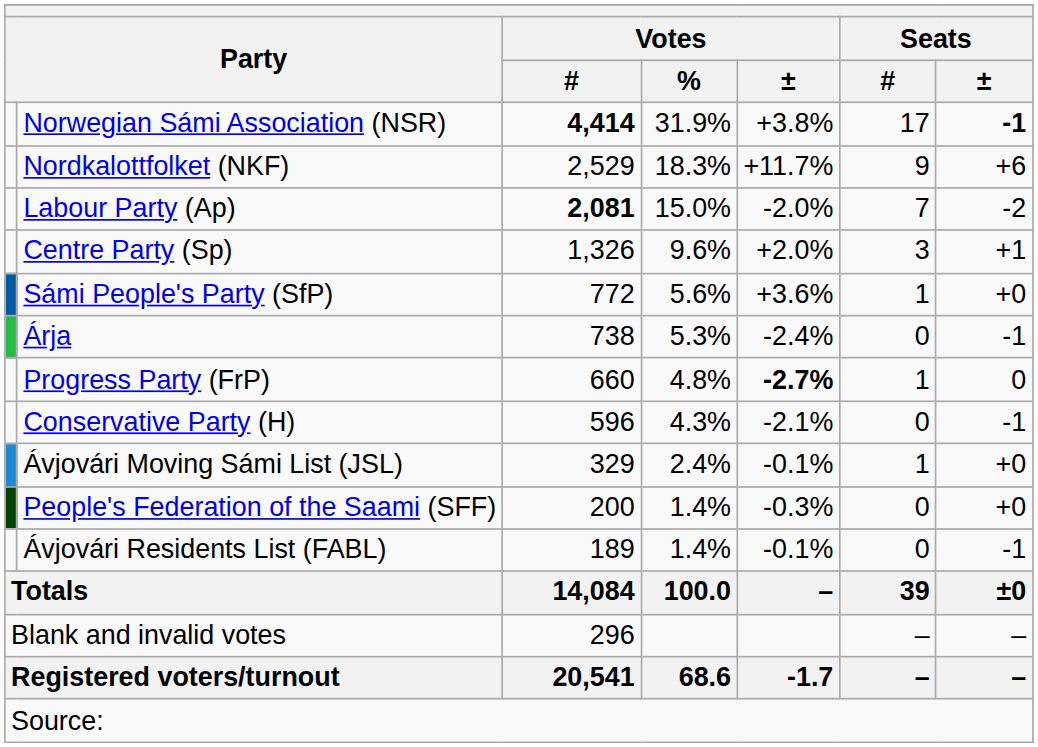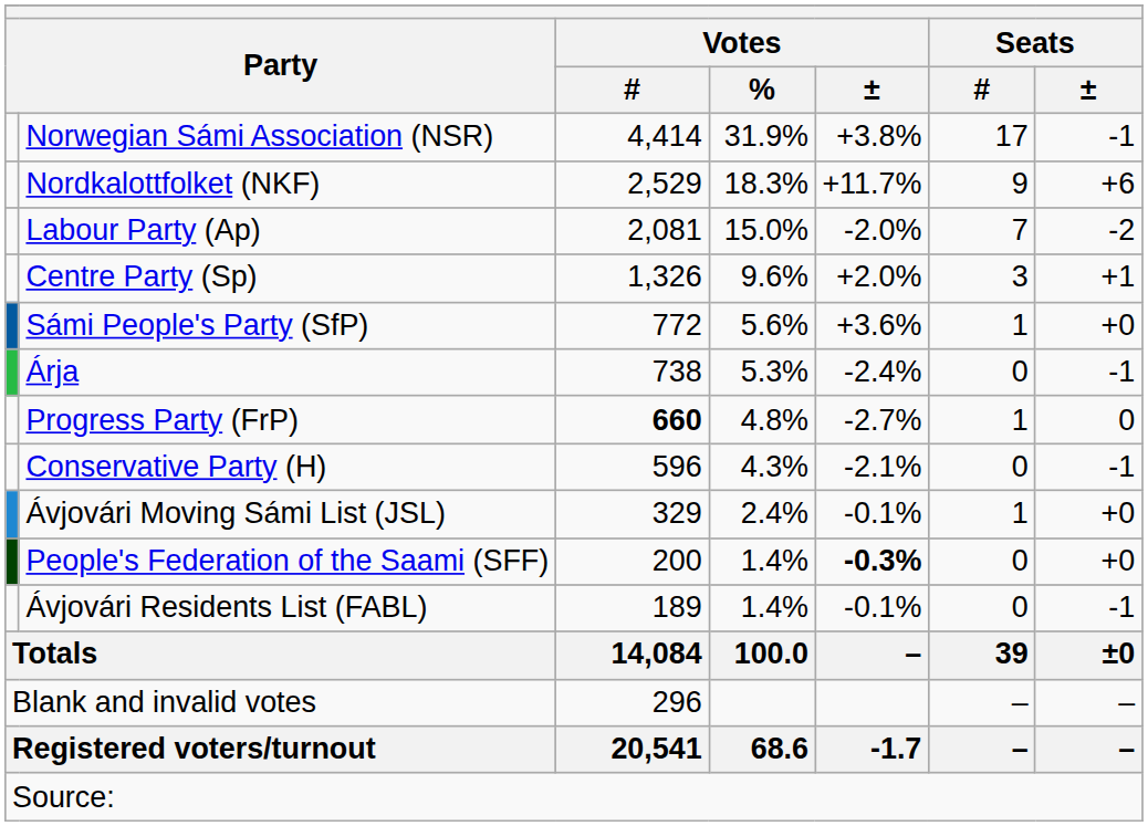 <table class=wikitable style=text-align:right>
 <tr>
 </tr>
 <tr>
 <th colspan="7"></th>
 </tr>
 <tr>
 <th colspan=2 rowspan=2 style="width:230px">Party</th>
 <th colspan=3>Votes</th>
 <th colspan=2>Seats</th>
 </tr>
 <tr>
 <th style="width:75px">#</th>
 <th style="width:50px">%</th>
 <th style="width:50px">±</th>
 <th style="width:50px">#</th>
 <th style="width:50px">±</th>
 </tr>
 <tr>
 <td style="background-color:"></td>
 <td style="text-align:left;"><a href='#'>Norwegian Sámi Association</a> (NSR)</td>
-<td><strong>4,414</strong></td>
+<td>4,414</td>
 <td>31.9%</td>
 <td>+3.8%</td>
 <td>17</td>
-<td><strong>-1</strong></td>
+<td>-1</td>
 </tr>
 <tr>
 <td style="background-color:"></td>
 <td style="text-align:left;"><a href='#'>Nordkalottfolket</a> (NKF)</td>
 <td>2,529</td>
 <td>18.3%</td>
 <td>+11.7%</td>
 <td>9</td>
 <td>+6</td>
 </tr>
 <tr>
 <td style="background-color:"></td>
 <td style="text-align:left;"><a href='#'>Labour Party</a> (Ap)</td>
-<td><strong>2,081</strong></td>
+<td>2,081</td>
 <td>15.0%</td>
 <td>-2.0%</td>
 <td>7</td>
 <td>-2</td>
 </tr>
 <tr>
 <td style="background-color:"></td>
 <td style="text-align:left;"><a href='#'>Centre Party</a> (Sp)</td>
 <td>1,326</td>
 <td>9.6%</td>
 <td>+2.0%</td>
 <td>3</td>
 <td>+1</td>
 </tr>
 <tr>
 <td style="background-color:#025aa0"></td>
 <td style="text-align:left;"><a href='#'>Sámi People's Party</a> (SfP)</td>
 <td>772</td>
 <td>5.6%</td>
 <td>+3.6%</td>
 <td>1</td>
 <td>+0</td>
 </tr>
 <tr>
 <td style="background-color:#26BB45"></td>
 <td style="text-align:left;"><a href='#'>Árja</a></td>
 <td>738</td>
 <td>5.3%</td>
 <td>-2.4%</td>
 <td>0</td>
 <td>-1</td>
 </tr>
 <tr>
 <td style="background-color:"></td>
 <td style="text-align:left;"><a href='#'>Progress Party</a> (FrP)</td>
-<td>660</td>
+<td><strong>660</strong></td>
 <td>4.8%</td>
-<td><strong>-2.7%</strong></td>
+<td>-2.7%</td>
 <td>1</td>
 <td>0</td>
 </tr>
 <tr>
 <td style="background-color:"></td>
 <td style="text-align:left;"><a href='#'>Conservative Party</a> (H)</td>
 <td>596</td>
 <td>4.3%</td>
 <td>-2.1%</td>
 <td>0</td>
 <td>-1</td>
 </tr>
 <tr>
 <td style="background-color:#1e88d2"></td>
 <td style="text-align:left;">Ávjovári Moving Sámi List (JSL)</td>
 <td>329</td>
 <td>2.4%</td>
 <td>-0.1%</td>
 <td>1</td>
 <td>+0</td>
 </tr>
 <tr>
 <td style="background-color:#004300"></td>
 <td style="text-align:left;"><a href='#'>People's Federation of the Saami</a> (SFF)</td>
 <td>200</td>
 <td>1.4%</td>
-<td>-0.3%</td>
+<td><strong>-0.3%</strong></td>
 <td>0</td>
 <td>+0</td>
 </tr>
 <tr>
 <td style="background-color:"></td>
 <td style="text-align:left;">Ávjovári Residents List (FABL)</td>
 <td>189</td>
 <td>1.4%</td>
 <td>-0.1%</td>
 <td>0</td>
 <td>-1</td>
 </tr>
 <tr>
 <th colspan=2 style=text-align:left;width:200px>Totals</th>
 <th style=text-align:right;width:75px>14,084</th>
 <th style=text-align:right;width:50px>100.0</th>
 <th style=text-align:right;width:50px>–</th>
 <th style=text-align:right;width:50px>39</th>
 <th style=text-align:right;width:50px>±0</th>
 </tr>
 <tr>
 <td colspan=2 style=text-align:left>Blank and invalid votes</td>
 <td style=text-align:right>296</td>
 <td style=text-align:right></td>
 <td style=text-align:right></td>
 <td style=text-align:right>–</td>
 <td style=text-align:right>–</td>
 </tr>
 <tr>
 <th colspan=2 style=text-align:left>Registered voters/turnout</th>
 <th style=text-align:right>20,541</th>
 <th style=text-align:right>68.6</th>
 <th style=text-align:right>-1.7</th>
 <th style=text-align:right>–</th>
 <th style=text-align:right>–</th>
 </tr>
 <tr>
 <td colspan=7 style="text-align:left;">Source: </td>
 </tr>
 </table>
